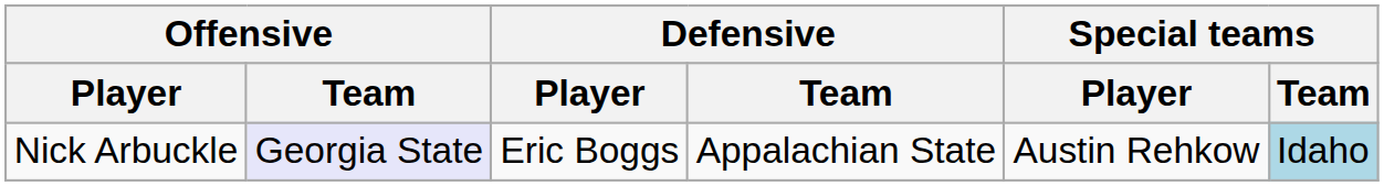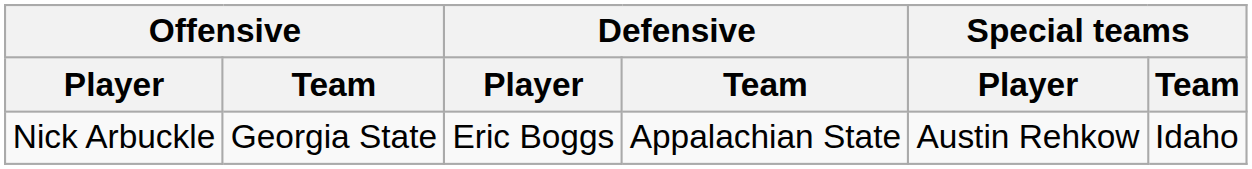 <table class="wikitable">
 <tr>
 <th colspan="2">Offensive</th>
 <th colspan="2">Defensive</th>
 <th colspan="2">Special teams</th>
 </tr>
 <tr>
 <th>Player</th>
 <th>Team</th>
 <th>Player</th>
 <th>Team</th>
 <th>Player</th>
 <th>Team</th>
 </tr>
 <tr>
 <td>Nick Arbuckle</td>
-<td style="background: lavender;">Georgia State</td>
+<td>Georgia State</td>
 <td>Eric Boggs</td>
 <td>Appalachian State</td>
 <td>Austin Rehkow</td>
-<td style="background: lightblue;">Idaho</td>
+<td>Idaho</td>
 </tr>
 </table>
